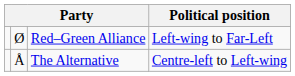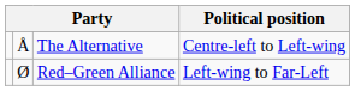 <table class="wikitable">
 <tr>
 <th colspan="3">Party</th>
 <th>Political position</th>
 </tr>
 <tr>
 <td></td>
+<td>Å</td>
+<td><a href='#'>The Alternative</a></td>
+<td><a href='#'>Centre-left</a> to <a href='#'>Left-wing</a></td>
+</tr>
+<tr>
+<td></td>
 <td>Ø</td>
 <td><a href='#'>Red–Green Alliance</a></td>
 <td><a href='#'>Left-wing</a> to  <a href='#'>Far-Left</a></td>
 </tr>
-<tr>
-<td></td>
-<td>Å</td>
-<td><a href='#'>The Alternative</a></td>
-<td><a href='#'>Centre-left</a> to <a href='#'>Left-wing</a></td>
-</tr>
 </table>
